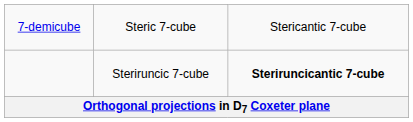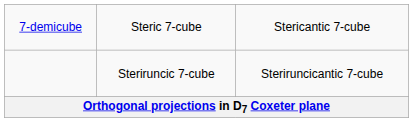 <table class=wikitable align=right width=540>
 <tr align=center valign=top>
 <td><br><a href='#'>7-demicube</a><br><br></td>
 <td><br>Steric 7-cube<br><br></td>
 <td><br>Stericantic 7-cube<br><br></td>
 </tr>
 <tr align=center valign=top>
 <td></td>
 <td><br>Steriruncic 7-cube<br><br></td>
-<td><strong><br>Steriruncicantic 7-cube<br><br></strong></td>
+<td><br>Steriruncicantic 7-cube<br><br></td>
 </tr>
 <tr>
 <th colspan=3><a href='#'>Orthogonal projections</a> in D<sub>7</sub> <a href='#'>Coxeter plane</a></th>
 </tr>
 </table>
